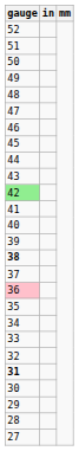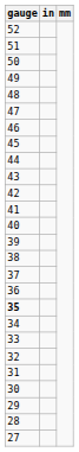 <table class="wikitable">
 <tr>
 <th>gauge</th>
 <th>in</th>
 <th>mm</th>
 </tr>
 <tr>
 <td>52</td>
 <td></td>
 </tr>
 <tr>
 <td>51</td>
 <td></td>
 </tr>
 <tr>
 <td>50</td>
 <td></td>
 </tr>
 <tr>
 <td>49</td>
 <td></td>
 </tr>
 <tr>
 <td>48</td>
 <td></td>
 </tr>
 <tr>
 <td>47</td>
 <td></td>
 </tr>
 <tr>
 <td>46</td>
 <td></td>
 </tr>
 <tr>
 <td>45</td>
 <td></td>
 </tr>
 <tr>
 <td>44</td>
 <td></td>
 </tr>
 <tr>
 <td>43</td>
 <td></td>
 </tr>
 <tr>
-<td style="background: lightgreen;">42</td>
+<td>42</td>
 <td></td>
 </tr>
 <tr>
 <td>41</td>
 <td></td>
 </tr>
 <tr>
 <td>40</td>
 <td></td>
 </tr>
 <tr>
 <td>39</td>
 <td></td>
 </tr>
 <tr>
-<td><strong>38</strong></td>
+<td>38</td>
 <td></td>
 </tr>
 <tr>
 <td>37</td>
 <td></td>
 </tr>
 <tr>
-<td style="background: pink;">36</td>
+<td>36</td>
 <td></td>
 </tr>
 <tr>
-<td>35</td>
+<td><strong>35</strong></td>
 <td></td>
 </tr>
 <tr>
 <td>34</td>
 <td></td>
 </tr>
 <tr>
 <td>33</td>
 <td></td>
 </tr>
 <tr>
 <td>32</td>
 <td></td>
 </tr>
 <tr>
-<td><strong>31</strong></td>
+<td>31</td>
 <td></td>
 </tr>
 <tr>
 <td>30</td>
 <td></td>
 </tr>
 <tr>
 <td>29</td>
 <td></td>
 </tr>
 <tr>
 <td>28</td>
 <td></td>
 </tr>
 <tr>
 <td>27</td>
 <td></td>
 </tr>
 </table>
